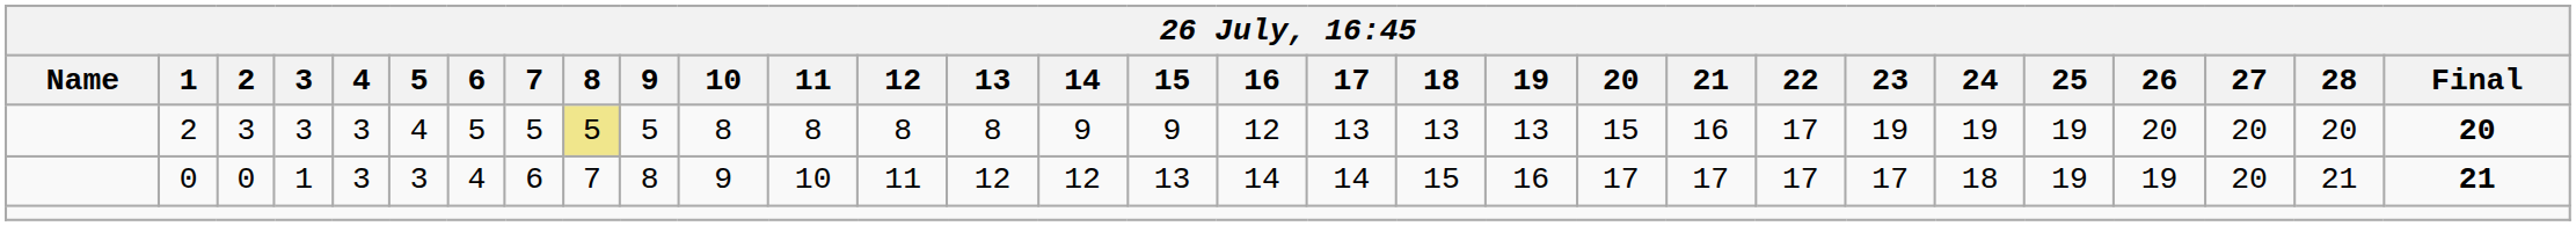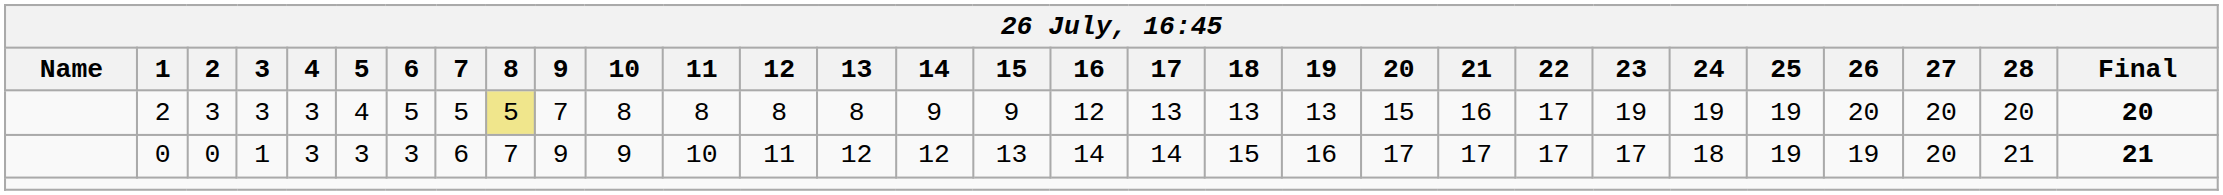 <table class=wikitable style="text-align:center; width: 55%">
 <tr>
 <th colspan=34><em>26 July, 16:45</em></th>
 </tr>
 <tr>
 <th>Name</th>
 <th>1</th>
 <th>2</th>
 <th>3</th>
 <th>4</th>
 <th>5</th>
 <th>6</th>
 <th>7</th>
 <th>8</th>
 <th>9</th>
 <th>10</th>
 <th>11</th>
 <th>12</th>
 <th>13</th>
 <th>14</th>
 <th>15</th>
 <th>16</th>
 <th>17</th>
 <th>18</th>
 <th>19</th>
 <th>20</th>
 <th>21</th>
 <th>22</th>
 <th>23</th>
 <th>24</th>
 <th>25</th>
 <th>26</th>
 <th>27</th>
 <th>28</th>
 <th>Final</th>
 </tr>
 <tr>
 <td align=left></td>
 <td>2</td>
 <td>3</td>
 <td>3</td>
 <td>3</td>
 <td>4</td>
 <td>5</td>
 <td>5</td>
 <td style="background: khaki;">5</td>
-<td>5</td>
+<td>7</td>
 <td>8</td>
 <td>8</td>
 <td>8</td>
 <td>8</td>
 <td>9</td>
 <td>9</td>
 <td>12</td>
 <td>13</td>
 <td>13</td>
 <td>13</td>
 <td>15</td>
 <td>16</td>
 <td>17</td>
 <td>19</td>
 <td>19</td>
 <td>19</td>
 <td>20</td>
 <td>20</td>
 <td>20</td>
 <td><strong>20</strong></td>
 </tr>
 <tr>
 <td align=left><strong></strong></td>
 <td>0</td>
 <td>0</td>
 <td>1</td>
 <td>3</td>
 <td>3</td>
-<td>4</td>
+<td>3</td>
 <td>6</td>
 <td>7</td>
-<td>8</td>
+<td>9</td>
 <td>9</td>
 <td>10</td>
 <td>11</td>
 <td>12</td>
 <td>12</td>
 <td>13</td>
 <td>14</td>
 <td>14</td>
 <td>15</td>
 <td>16</td>
 <td>17</td>
 <td>17</td>
 <td>17</td>
 <td>17</td>
 <td>18</td>
 <td>19</td>
 <td>19</td>
 <td>20</td>
 <td>21</td>
 <td><strong>21</strong></td>
 </tr>
 <tr>
 <td colspan=34></td>
 </tr>
 </table>
